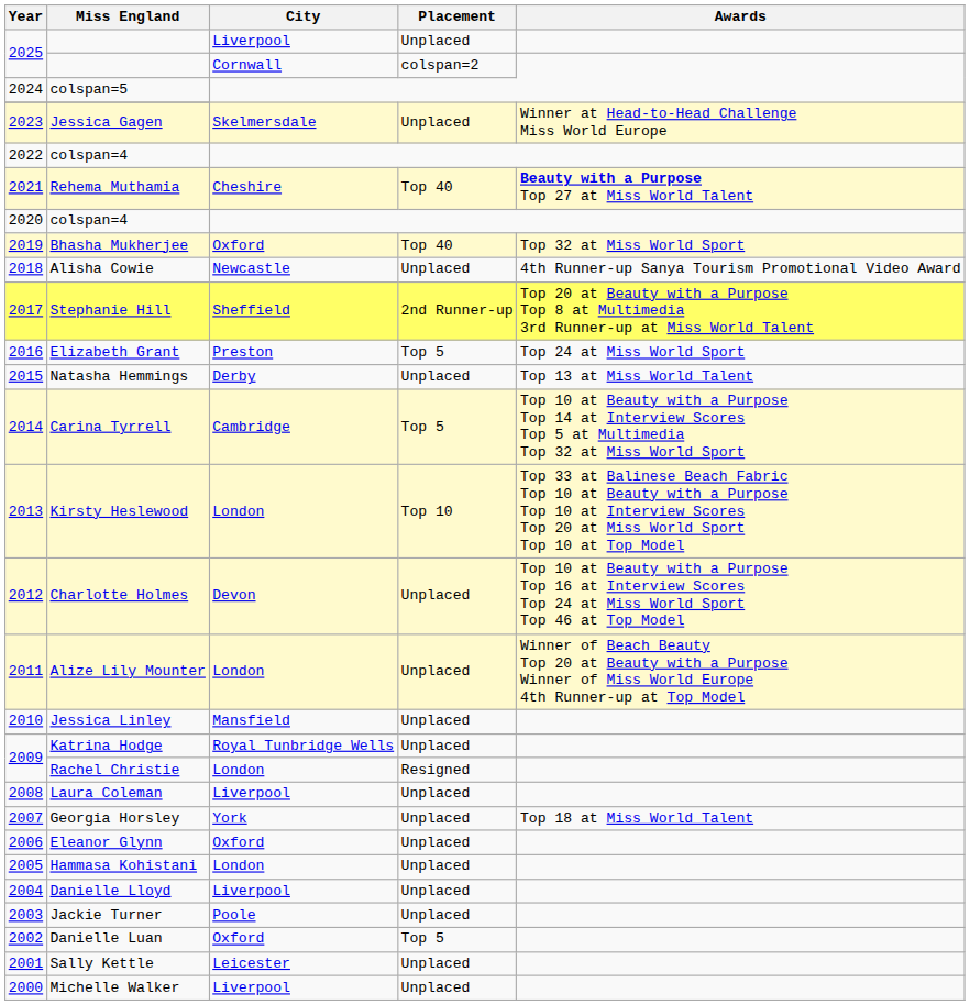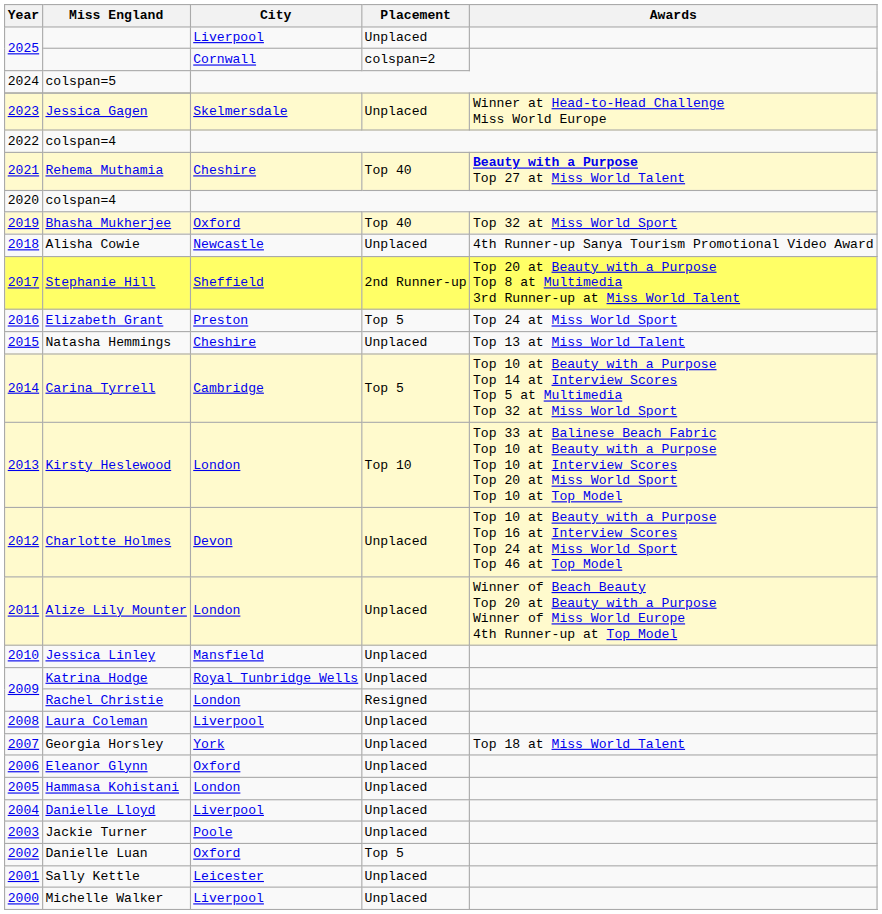 <table class="wikitable sortable" style="font-size:90%;">
 <tr>
 <th>Year</th>
 <th>Miss England</th>
 <th>City</th>
 <th>Placement</th>
 <th>Awards</th>
 </tr>
 <tr>
 <td rowspan="2"><a href='#'>2025</a></td>
 <td></td>
 <td><a href='#'>Liverpool</a></td>
 <td>Unplaced</td>
 <td></td>
 </tr>
 <tr>
 <td></td>
 <td><a href='#'>Cornwall</a></td>
 <td>colspan=2 </td>
 </tr>
 <tr>
 <td>2024</td>
 <td>colspan=5 </td>
 </tr>
 <tr>
 </tr>
 <tr style="background-color:#FFFACD;">
 <td><a href='#'>2023</a></td>
 <td><a href='#'>Jessica Gagen</a></td>
 <td><a href='#'>Skelmersdale</a></td>
 <td>Unplaced</td>
 <td>Winner at <a href='#'>Head-to-Head Challenge</a><br>Miss World Europe</td>
 </tr>
 <tr>
 <td>2022</td>
 <td>colspan=4 </td>
 </tr>
 <tr style="background-color:#FFFACD;">
 <td><a href='#'>2021</a></td>
 <td><a href='#'>Rehema Muthamia</a></td>
 <td><a href='#'>Cheshire</a></td>
 <td>Top 40</td>
 <td><strong><a href='#'>Beauty with a Purpose</a></strong><br>Top 27 at <a href='#'>Miss World Talent</a></td>
 </tr>
 <tr>
 <td>2020</td>
 <td>colspan=4 </td>
 </tr>
 <tr style="background-color:#FFFACD;">
 <td><a href='#'>2019</a></td>
 <td><a href='#'>Bhasha Mukherjee</a></td>
 <td><a href='#'>Oxford</a></td>
 <td>Top 40</td>
 <td>Top 32 at <a href='#'>Miss World Sport</a></td>
 </tr>
 <tr>
 <td><a href='#'>2018</a></td>
 <td>Alisha Cowie</td>
 <td><a href='#'>Newcastle</a></td>
 <td>Unplaced</td>
 <td>4th Runner-up Sanya Tourism Promotional Video Award</td>
 </tr>
 <tr style="background-color:#FFFF66;">
 <td><a href='#'>2017</a></td>
 <td><a href='#'>Stephanie Hill</a></td>
 <td><a href='#'>Sheffield</a></td>
 <td>2nd Runner-up</td>
 <td>Top 20 at <a href='#'>Beauty with a Purpose</a><br>Top 8 at <a href='#'>Multimedia</a><br>3rd Runner-up at <a href='#'>Miss World Talent</a></td>
 </tr>
 <tr>
 <td><a href='#'>2016</a></td>
 <td><a href='#'>Elizabeth Grant</a></td>
 <td><a href='#'>Preston</a></td>
 <td>Top 5</td>
 <td>Top 24 at <a href='#'>Miss World Sport</a></td>
 </tr>
 <tr>
 <td><a href='#'>2015</a></td>
 <td>Natasha Hemmings</td>
-<td><a href='#'>Derby</a></td>
+<td><a href='#'>Cheshire</a></td>
 <td>Unplaced</td>
 <td>Top 13 at <a href='#'>Miss World Talent</a></td>
 </tr>
 <tr style="background-color:#FFFACD;">
 <td><a href='#'>2014</a></td>
 <td><a href='#'>Carina Tyrrell</a></td>
 <td><a href='#'>Cambridge</a></td>
 <td>Top 5</td>
 <td>Top 10 at <a href='#'>Beauty with a Purpose</a> <br>Top 14 at <a href='#'>Interview Scores</a><br> Top 5 at <a href='#'>Multimedia</a> <br>Top 32 at <a href='#'>Miss World Sport</a><br></td>
 </tr>
 <tr style="background-color:#FFFACD;">
 <td><a href='#'>2013</a></td>
 <td><a href='#'>Kirsty Heslewood</a></td>
 <td><a href='#'>London</a></td>
 <td>Top 10</td>
 <td>Top 33 at <a href='#'>Balinese Beach Fabric</a> <br>Top 10 at <a href='#'>Beauty with a Purpose</a> <br>Top 10 at <a href='#'>Interview Scores</a><br> Top 20 at <a href='#'>Miss World Sport</a> <br> Top 10 at <a href='#'>Top Model</a></td>
 </tr>
 <tr style="background-color:#FFFACD;">
 <td><a href='#'>2012</a></td>
 <td><a href='#'>Charlotte Holmes</a></td>
 <td><a href='#'>Devon</a></td>
 <td>Unplaced</td>
 <td>Top 10 at <a href='#'>Beauty with a Purpose</a> <br> Top 16 at <a href='#'>Interview Scores</a><br> Top 24 at <a href='#'>Miss World Sport</a> <br>Top 46 at <a href='#'>Top Model</a></td>
 </tr>
 <tr style="background-color:#FFFACD;">
 <td><a href='#'>2011</a></td>
 <td><a href='#'>Alize Lily Mounter</a></td>
 <td><a href='#'>London</a></td>
 <td>Unplaced</td>
 <td>Winner of <a href='#'>Beach Beauty</a><br>Top 20 at <a href='#'>Beauty with a Purpose</a> <br>Winner of <a href='#'>Miss World Europe</a><br> 4th Runner-up at <a href='#'>Top Model</a></td>
 </tr>
 <tr>
 <td><a href='#'>2010</a></td>
 <td><a href='#'>Jessica Linley</a></td>
 <td><a href='#'>Mansfield</a></td>
 <td>Unplaced</td>
 <td></td>
 </tr>
 <tr>
 <td rowspan=2><a href='#'>2009</a></td>
 <td><a href='#'>Katrina Hodge</a></td>
 <td><a href='#'>Royal Tunbridge Wells</a></td>
 <td>Unplaced</td>
 <td></td>
 </tr>
 <tr>
 <td><a href='#'>Rachel Christie</a></td>
 <td><a href='#'>London</a></td>
 <td>Resigned</td>
 <td></td>
 </tr>
 <tr>
 <td><a href='#'>2008</a></td>
 <td><a href='#'>Laura Coleman</a></td>
 <td><a href='#'>Liverpool</a></td>
 <td>Unplaced</td>
 <td></td>
 </tr>
 <tr>
 <td><a href='#'>2007</a></td>
 <td>Georgia Horsley</td>
 <td><a href='#'>York</a></td>
 <td>Unplaced</td>
 <td>Top 18 at <a href='#'>Miss World Talent</a></td>
 </tr>
 <tr>
 <td><a href='#'>2006</a></td>
 <td><a href='#'>Eleanor Glynn</a></td>
 <td><a href='#'>Oxford</a></td>
 <td>Unplaced</td>
 <td></td>
 </tr>
 <tr>
 <td><a href='#'>2005</a></td>
 <td><a href='#'>Hammasa Kohistani</a></td>
 <td><a href='#'>London</a></td>
 <td>Unplaced</td>
 <td></td>
 </tr>
 <tr>
 <td><a href='#'>2004</a></td>
 <td><a href='#'>Danielle Lloyd</a></td>
 <td><a href='#'>Liverpool</a></td>
 <td>Unplaced</td>
 <td></td>
 </tr>
 <tr>
 <td><a href='#'>2003</a></td>
 <td>Jackie Turner</td>
 <td><a href='#'>Poole</a></td>
 <td>Unplaced</td>
 <td></td>
 </tr>
 <tr>
 <td><a href='#'>2002</a></td>
 <td>Danielle Luan</td>
 <td><a href='#'>Oxford</a></td>
 <td>Top 5</td>
 <td></td>
 </tr>
 <tr>
 <td><a href='#'>2001</a></td>
 <td>Sally Kettle</td>
 <td><a href='#'>Leicester</a></td>
 <td>Unplaced</td>
 <td></td>
 </tr>
 <tr>
 <td><a href='#'>2000</a></td>
 <td>Michelle Walker</td>
 <td><a href='#'>Liverpool</a></td>
 <td>Unplaced</td>
 <td></td>
 </tr>
 <tr>
 </tr>
 </table>
